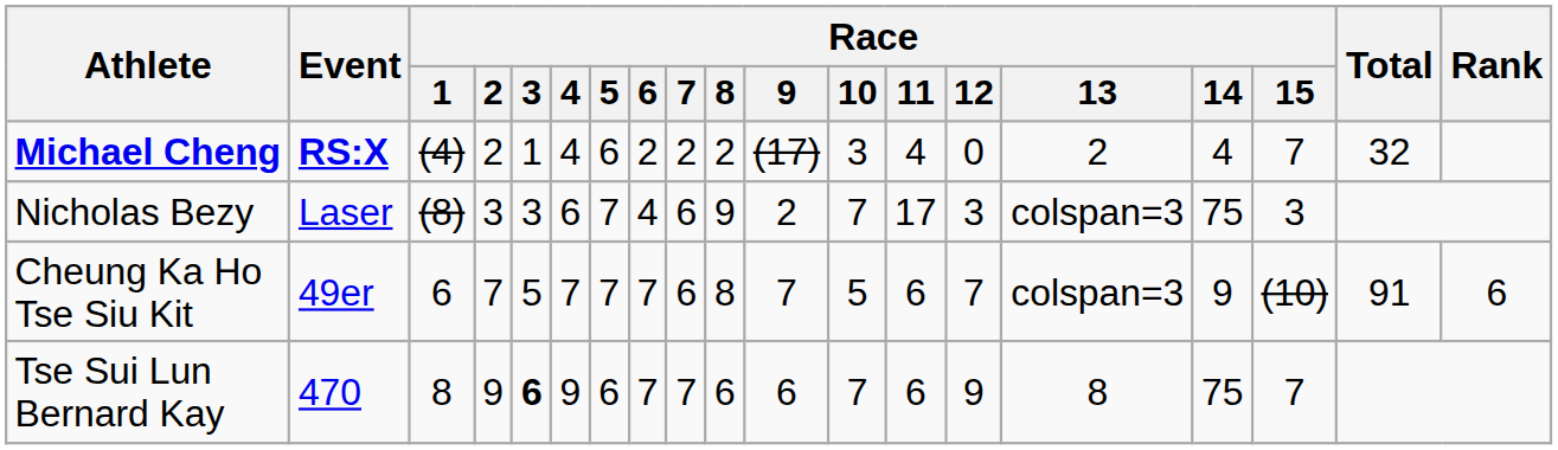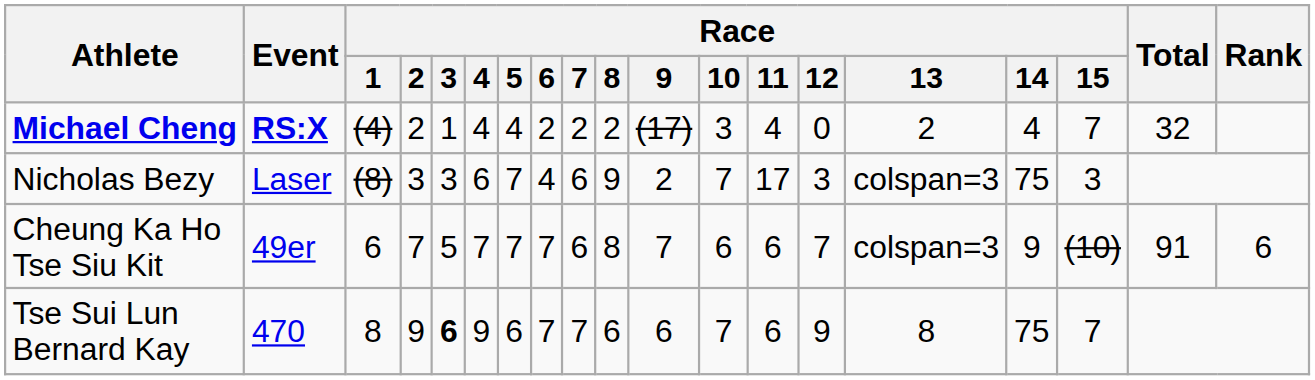 <table class=wikitable style=font-size:90%;text-align:center>
 <tr>
 <th rowspan="2">Athlete</th>
 <th rowspan="2">Event</th>
 <th colspan=15>Race</th>
 <th rowspan=2>Total</th>
 <th rowspan=2>Rank</th>
 </tr>
 <tr style="font-size:95%">
 <th>1</th>
 <th>2</th>
 <th>3</th>
 <th>4</th>
 <th>5</th>
 <th>6</th>
 <th>7</th>
 <th>8</th>
 <th>9</th>
 <th>10</th>
 <th>11</th>
 <th>12</th>
 <th>13</th>
 <th>14</th>
 <th>15</th>
 </tr>
 <tr>
 <td align=left><strong><a href='#'>Michael Cheng</a></strong></td>
 <td align=left><strong><a href='#'>RS:X</a></strong></td>
 <td><s>(4)</s></td>
 <td>2</td>
 <td>1</td>
 <td>4</td>
-<td>6</td>
+<td>4</td>
 <td>2</td>
 <td>2</td>
 <td>2</td>
 <td><s>(17)</s><br></td>
 <td>3</td>
 <td>4</td>
 <td>0</td>
 <td>2</td>
 <td>4</td>
 <td>7</td>
 <td>32</td>
 <td></td>
 </tr>
 <tr>
 <td align=left>Nicholas Bezy</td>
 <td align=left><a href='#'>Laser</a></td>
 <td><s>(8)</s></td>
 <td>3</td>
 <td>3</td>
 <td>6</td>
 <td>7</td>
 <td>4</td>
 <td>6</td>
 <td>9</td>
 <td>2</td>
 <td>7</td>
 <td>17<br></td>
 <td>3</td>
 <td>colspan=3 </td>
 <td>75</td>
 <td>3</td>
 </tr>
 <tr>
 <td align=left>Cheung Ka Ho<br>Tse Siu Kit</td>
 <td align=left><a href='#'>49er</a></td>
 <td>6</td>
 <td>7</td>
 <td>5</td>
 <td>7</td>
 <td>7</td>
 <td>7</td>
 <td>6</td>
 <td>8</td>
 <td>7</td>
-<td>5</td>
+<td>6</td>
 <td>6</td>
 <td>7</td>
 <td>colspan=3 </td>
 <td>9</td>
 <td><s>(10)</s><br></td>
 <td>91</td>
 <td>6</td>
 </tr>
 <tr>
 <td align=left>Tse Sui Lun<br>Bernard Kay</td>
 <td align=left><a href='#'>470</a></td>
 <td>8</td>
 <td>9</td>
 <td><strong>6</strong></td>
 <td>9</td>
 <td>6</td>
 <td>7</td>
 <td>7</td>
 <td>6</td>
 <td>6</td>
 <td>7</td>
 <td>6</td>
 <td>9</td>
 <td>8</td>
 <td>75</td>
 <td>7</td>
 </tr>
 </table>
